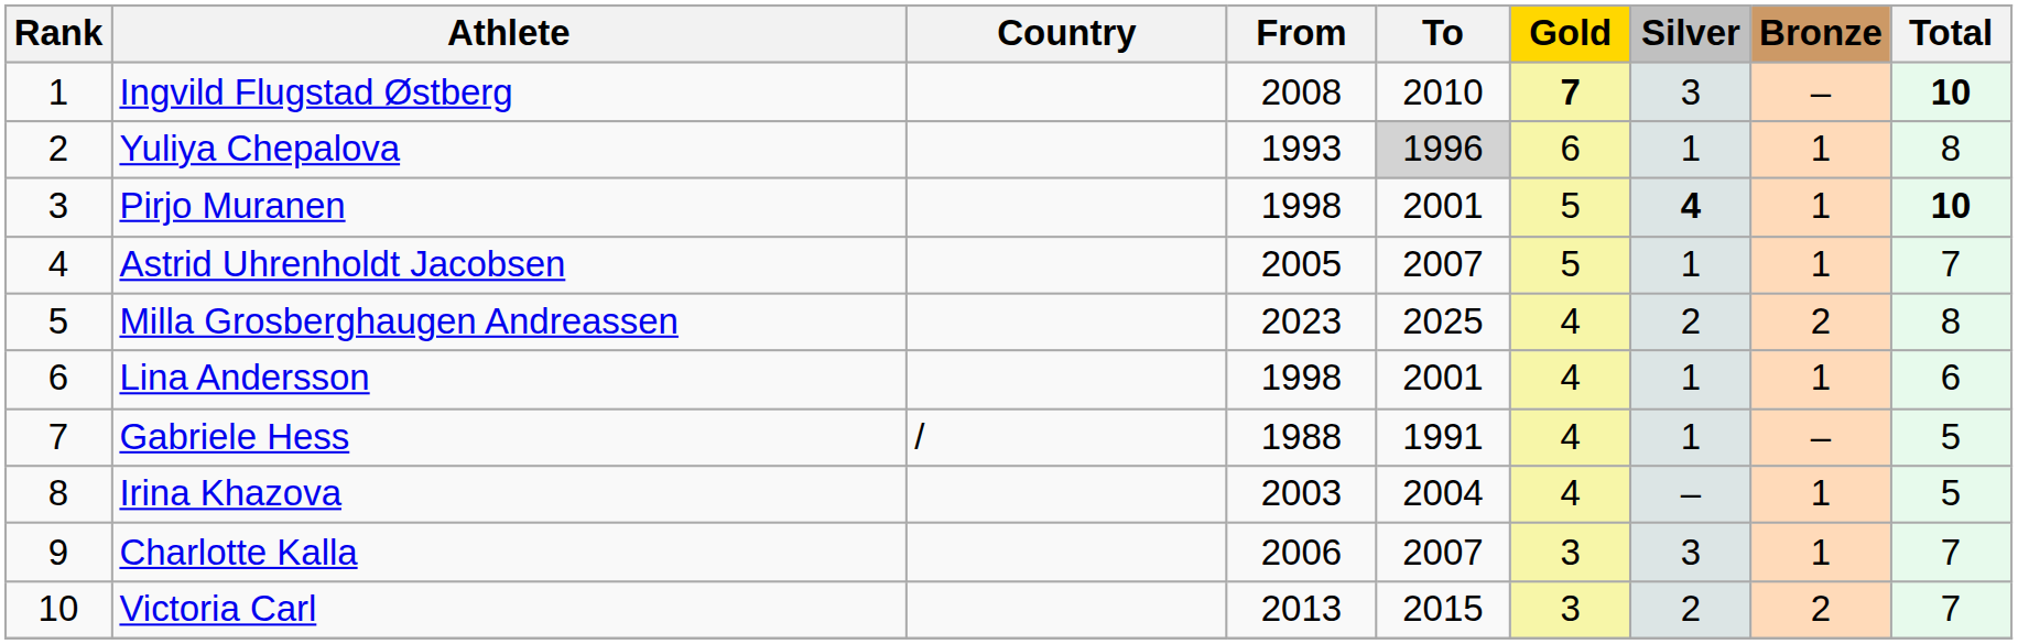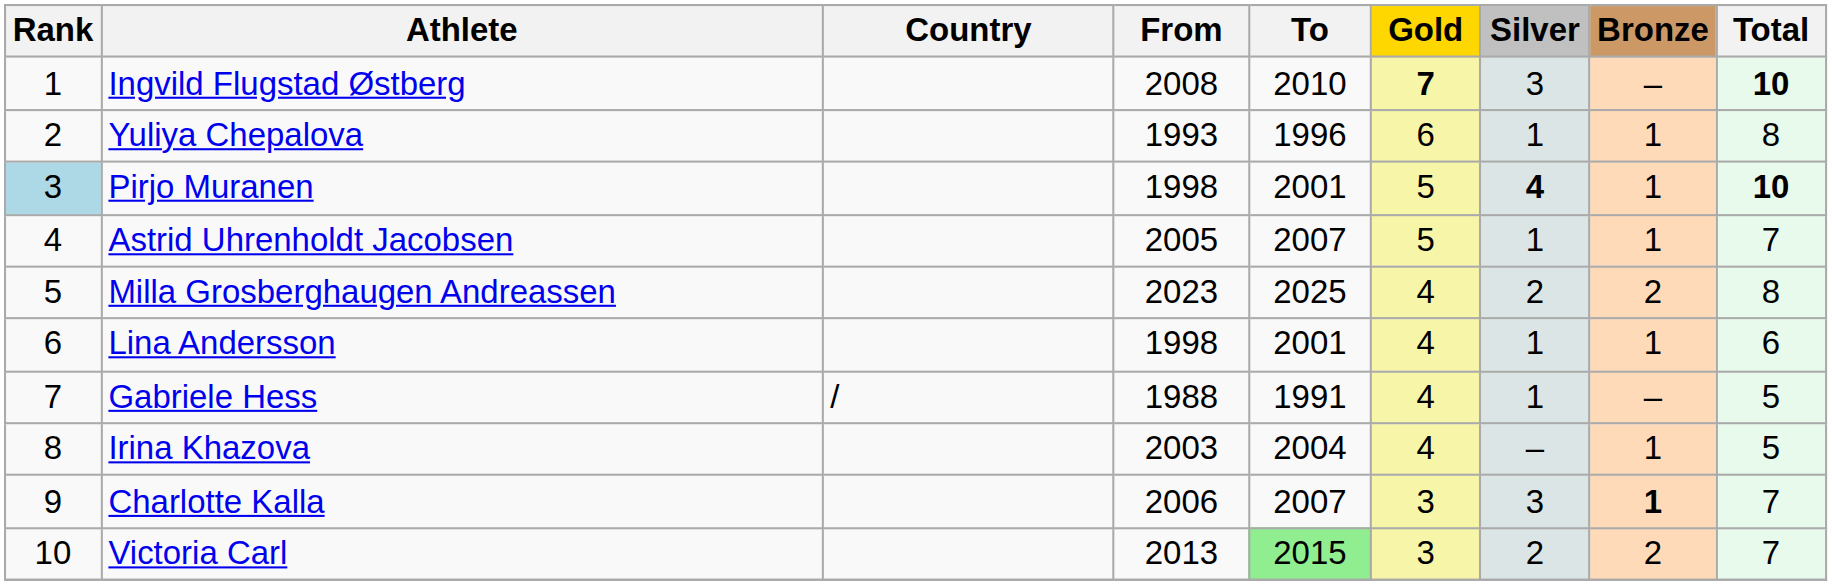 <table class="wikitable plainrowheaders" width=70% style="text-align:center">
 <tr style="background-color:#EDEDED;">
 <th class="hintergrundfarbe5" style="width:1em">Rank</th>
 <th class="hintergrundfarbe5">Athlete</th>
 <th class="hintergrundfarbe5" style="width:16%">Country</th>
 <th class="hintergrundfarbe5">From</th>
 <th class="hintergrundfarbe5">To</th>
 <th style="background:    gold; width:6%">Gold</th>
 <th style="background:  silver; width:6%">Silver</th>
 <th style="background: #CC9966; width:6%">Bronze</th>
 <th class="hintergrundfarbe5" style="width:6%">Total</th>
 </tr>
 <tr align="center">
 <td>1</td>
 <td align=left><a href='#'>Ingvild Flugstad Østberg</a></td>
 <td align=left></td>
 <td>2008</td>
 <td>2010</td>
 <td bgcolor="#F7F6A8"><strong>7</strong></td>
 <td bgcolor="#DCE5E5">3</td>
 <td bgcolor="#FFDAB9">–</td>
 <td bgcolor="#E7FAEC"><strong>10</strong></td>
 </tr>
 <tr align="center">
 <td>2</td>
 <td align=left><a href='#'>Yuliya Chepalova</a></td>
 <td align=left></td>
 <td>1993</td>
-<td style="background: lightgrey;">1996</td>
+<td>1996</td>
 <td bgcolor="#F7F6A8">6</td>
 <td bgcolor="#DCE5E5">1</td>
 <td bgcolor="#FFDAB9">1</td>
 <td bgcolor="#E7FAEC">8</td>
 </tr>
 <tr align="center">
-<td>3</td>
+<td style="background: lightblue;">3</td>
 <td align=left><a href='#'>Pirjo Muranen</a></td>
 <td align=left></td>
 <td>1998</td>
 <td>2001</td>
 <td bgcolor="#F7F6A8">5</td>
 <td bgcolor="#DCE5E5"><strong>4</strong></td>
 <td bgcolor="#FFDAB9">1</td>
 <td bgcolor="#E7FAEC"><strong>10</strong></td>
 </tr>
 <tr align="center">
 <td>4</td>
 <td align=left><a href='#'>Astrid Uhrenholdt Jacobsen</a></td>
 <td align=left></td>
 <td>2005</td>
 <td>2007</td>
 <td bgcolor="#F7F6A8">5</td>
 <td bgcolor="#DCE5E5">1</td>
 <td bgcolor="#FFDAB9">1</td>
 <td bgcolor="#E7FAEC">7</td>
 </tr>
 <tr align="center">
 <td>5</td>
 <td align=left><a href='#'>Milla Grosberghaugen Andreassen</a></td>
 <td align=left></td>
 <td>2023</td>
 <td>2025</td>
 <td bgcolor="#F7F6A8">4</td>
 <td bgcolor="#DCE5E5">2</td>
 <td bgcolor="#FFDAB9">2</td>
 <td bgcolor="#E7FAEC">8</td>
 </tr>
 <tr align="center">
 <td>6</td>
 <td align=left><a href='#'>Lina Andersson</a></td>
 <td align=left></td>
 <td>1998</td>
 <td>2001</td>
 <td bgcolor="#F7F6A8">4</td>
 <td bgcolor="#DCE5E5">1</td>
 <td bgcolor="#FFDAB9">1</td>
 <td bgcolor="#E7FAEC">6</td>
 </tr>
 <tr align="center">
 <td>7</td>
 <td align=left><a href='#'>Gabriele Hess</a></td>
 <td align=left>/</td>
 <td>1988</td>
 <td>1991</td>
 <td bgcolor="#F7F6A8">4</td>
 <td bgcolor="#DCE5E5">1</td>
 <td bgcolor="#FFDAB9">–</td>
 <td bgcolor="#E7FAEC">5</td>
 </tr>
 <tr align="center">
 <td>8</td>
 <td align=left><a href='#'>Irina Khazova</a></td>
 <td align=left></td>
 <td>2003</td>
 <td>2004</td>
 <td bgcolor="#F7F6A8">4</td>
 <td bgcolor="#DCE5E5">–</td>
 <td bgcolor="#FFDAB9">1</td>
 <td bgcolor="#E7FAEC">5</td>
 </tr>
 <tr align="center">
 <td>9</td>
 <td align=left><a href='#'>Charlotte Kalla</a></td>
 <td align=left></td>
 <td>2006</td>
 <td>2007</td>
 <td bgcolor="#F7F6A8">3</td>
 <td bgcolor="#DCE5E5">3</td>
-<td bgcolor="#FFDAB9">1</td>
+<td bgcolor="#FFDAB9"><strong>1</strong></td>
 <td bgcolor="#E7FAEC">7</td>
 </tr>
 <tr align="center">
 <td>10</td>
 <td align=left><a href='#'>Victoria Carl</a></td>
 <td align=left></td>
 <td>2013</td>
-<td>2015</td>
+<td style="background: lightgreen;">2015</td>
 <td bgcolor="#F7F6A8">3</td>
 <td bgcolor="#DCE5E5">2</td>
 <td bgcolor="#FFDAB9">2</td>
 <td bgcolor="#E7FAEC">7</td>
 </tr>
 <tr align="center">
 </tr>
 </table>
